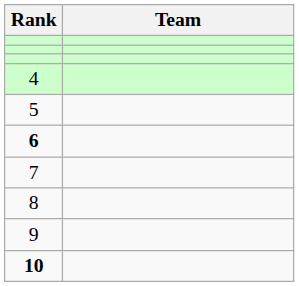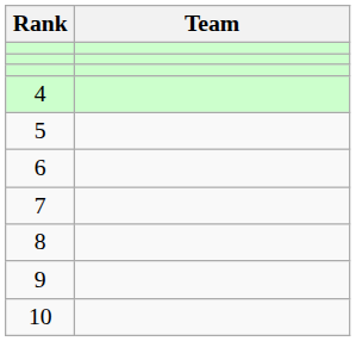 <table class="wikitable" style="text-align: center;">
 <tr>
 <th width=40>Rank</th>
 <th width=180>Team</th>
 </tr>
 <tr bgcolor=#CCFFCC>
 <td></td>
 <td style="text-align:left;"></td>
 </tr>
 <tr bgcolor=#CCFFCC>
 <td></td>
 <td style="text-align:left;"></td>
 </tr>
 <tr bgcolor=#CCFFCC>
 <td></td>
 <td style="text-align:left;"></td>
 </tr>
 <tr bgcolor=#CCFFCC>
 <td>4</td>
 <td style="text-align:left;"></td>
 </tr>
 <tr>
 <td>5</td>
 <td style="text-align:left;"></td>
 </tr>
 <tr>
-<td><strong>6</strong></td>
+<td>6</td>
 <td style="text-align:left;"></td>
 </tr>
 <tr>
 <td>7</td>
 <td style="text-align:left;"></td>
 </tr>
 <tr>
 <td>8</td>
 <td style="text-align:left;"></td>
 </tr>
 <tr>
 <td>9</td>
 <td style="text-align:left;"></td>
 </tr>
 <tr>
-<td><strong>10</strong></td>
+<td>10</td>
 <td style="text-align:left;"></td>
 </tr>
 </table>
